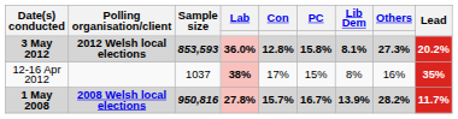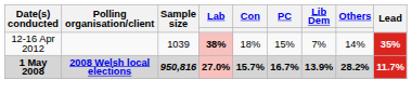 <table class="wikitable sortable" style="text-align:center;font-size:95%;line-height:14px">
 <tr>
 <th style="width:110px;" rowspan="2">Date(s)<br>conducted</th>
 <th style="width:190px;" rowspan="2">Polling organisation/client</th>
 <th style="width:45px;" rowspan="2">Sample size</th>
 <th style="width:70px;" class="unsortable"><a href='#'>Lab</a></th>
 <th style="width:70px;" class="unsortable"><a href='#'>Con</a></th>
 <th style="width:70px;" class="unsortable"><a href='#'>PC</a></th>
 <th style="width:70px;" class="unsortable"><a href='#'>Lib Dem</a></th>
 <th style="width:70px;" class="unsortable"><a href='#'>Others</a></th>
 <th class="unsortable" style="width:20px;" rowspan="2">Lead</th>
 </tr>
 <tr>
 <th class="unsortable" style="color:inherit;background:"></th>
 <th class="unsortable" style="color:inherit;background:"></th>
 <th class="unsortable" style="color:inherit;background:"></th>
 <th class="unsortable" style="color:inherit;background:"></th>
 <th class="unsortable" style="color:inherit;background:Others; width:45px;"></th>
 </tr>
 <tr>
-<td style="background:#D5D5D5"><strong>3 May 2012</strong></td>
-<td style="background:#D5D5D5"><strong>2012 Welsh local elections</strong></td>
-<td style="background:#D5D5D5"><strong><em>853,593</em></strong></td>
-<td style="background:#F8C1BE"><strong>36.0%</strong></td>
-<td style="background:#D5D5D5"><strong>12.8%</strong></td>
-<td style="background:#D5D5D5"><strong>15.8%</strong></td>
-<td style="background:#D5D5D5"><strong>8.1%</strong></td>
-<td style="background:#D5D5D5"><strong>27.3%</strong></td>
-<td style="background:#dc241f; color:white;"><strong>20.2%</strong></td>
-</tr>
-<tr>
 <td>12-16 Apr 2012</td>
 <td></td>
-<td>1037</td>
+<td>1039</td>
 <td style="background:#F8C1BE"><strong>38%</strong></td>
-<td>17%</td>
+<td>18%</td>
 <td>15%</td>
-<td>8%</td>
-<td>16%</td>
+<td>7%</td>
+<td>14%</td>
 <td style="background:#dc241f; color:white;"><strong>35%</strong></td>
 </tr>
 <tr>
 <td style="background:#D5D5D5"><strong>1 May 2008</strong></td>
 <td style="background:#D5D5D5"><strong><a href='#'>2008 Welsh local elections</a></strong></td>
 <td style="background:#D5D5D5"><strong><em>950,816</em></strong></td>
-<td style="background:#F8C1BE"><strong>27.8%</strong></td>
+<td style="background:#F8C1BE"><strong>27.0%</strong></td>
 <td style="background:#D5D5D5"><strong>15.7%</strong></td>
 <td style="background:#D5D5D5"><strong>16.7%</strong></td>
 <td style="background:#D5D5D5"><strong>13.9%</strong></td>
 <td style="background:#D5D5D5"><strong>28.2%</strong></td>
 <td style="background:#dc241f; color:white;"><strong>11.7%</strong></td>
 </tr>
 </table>
